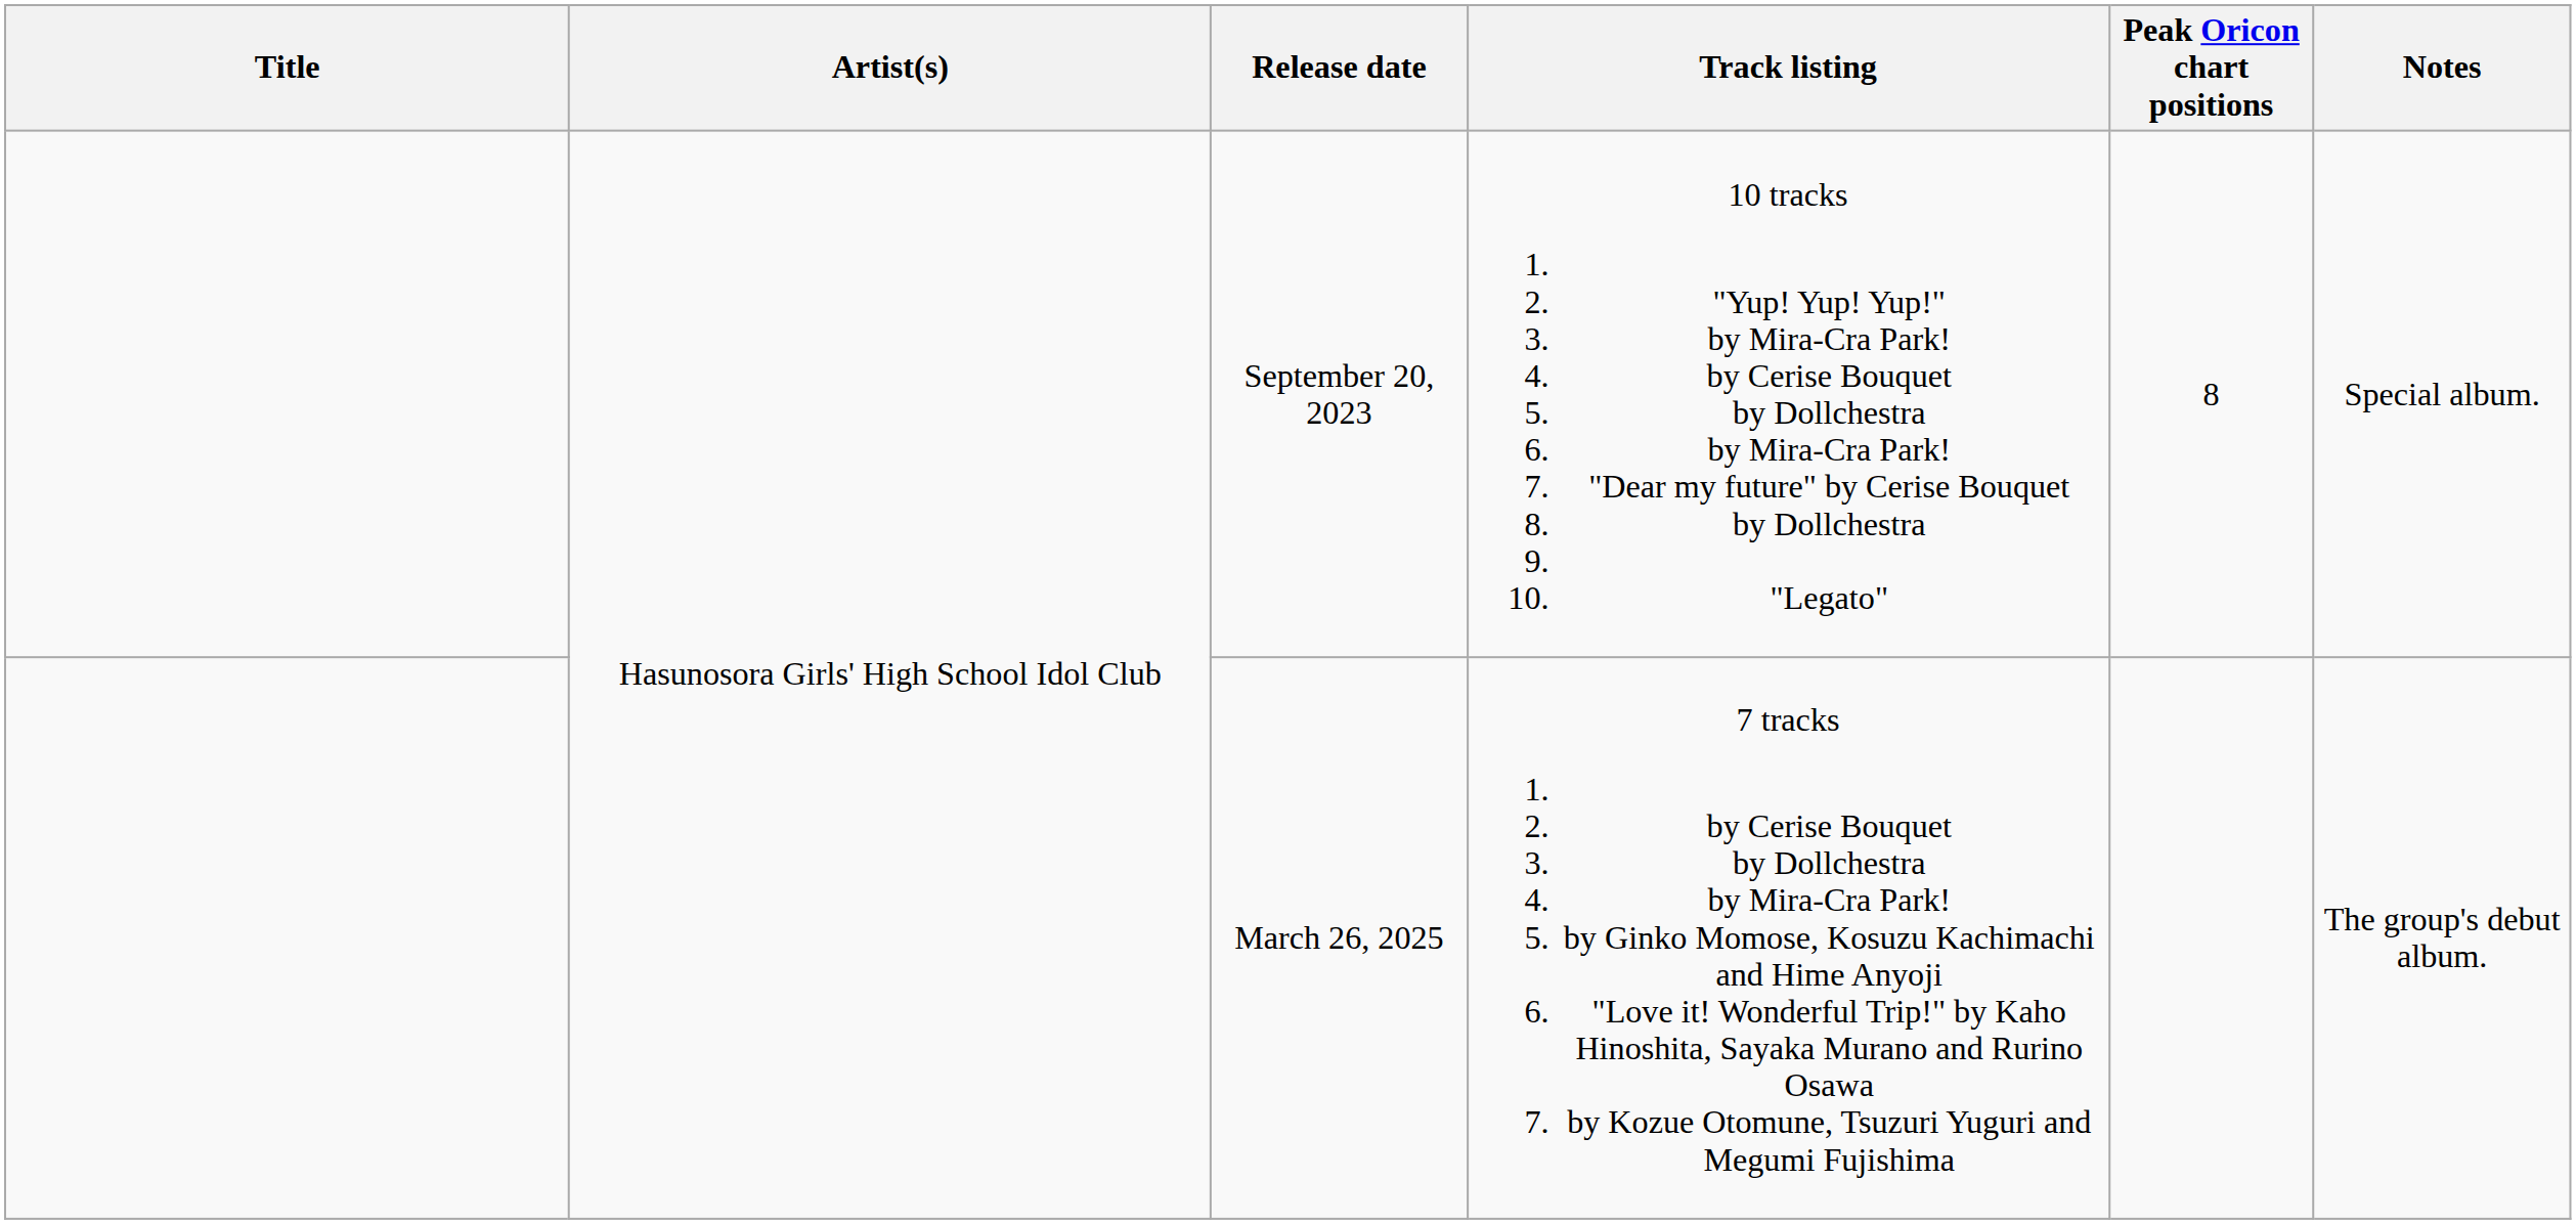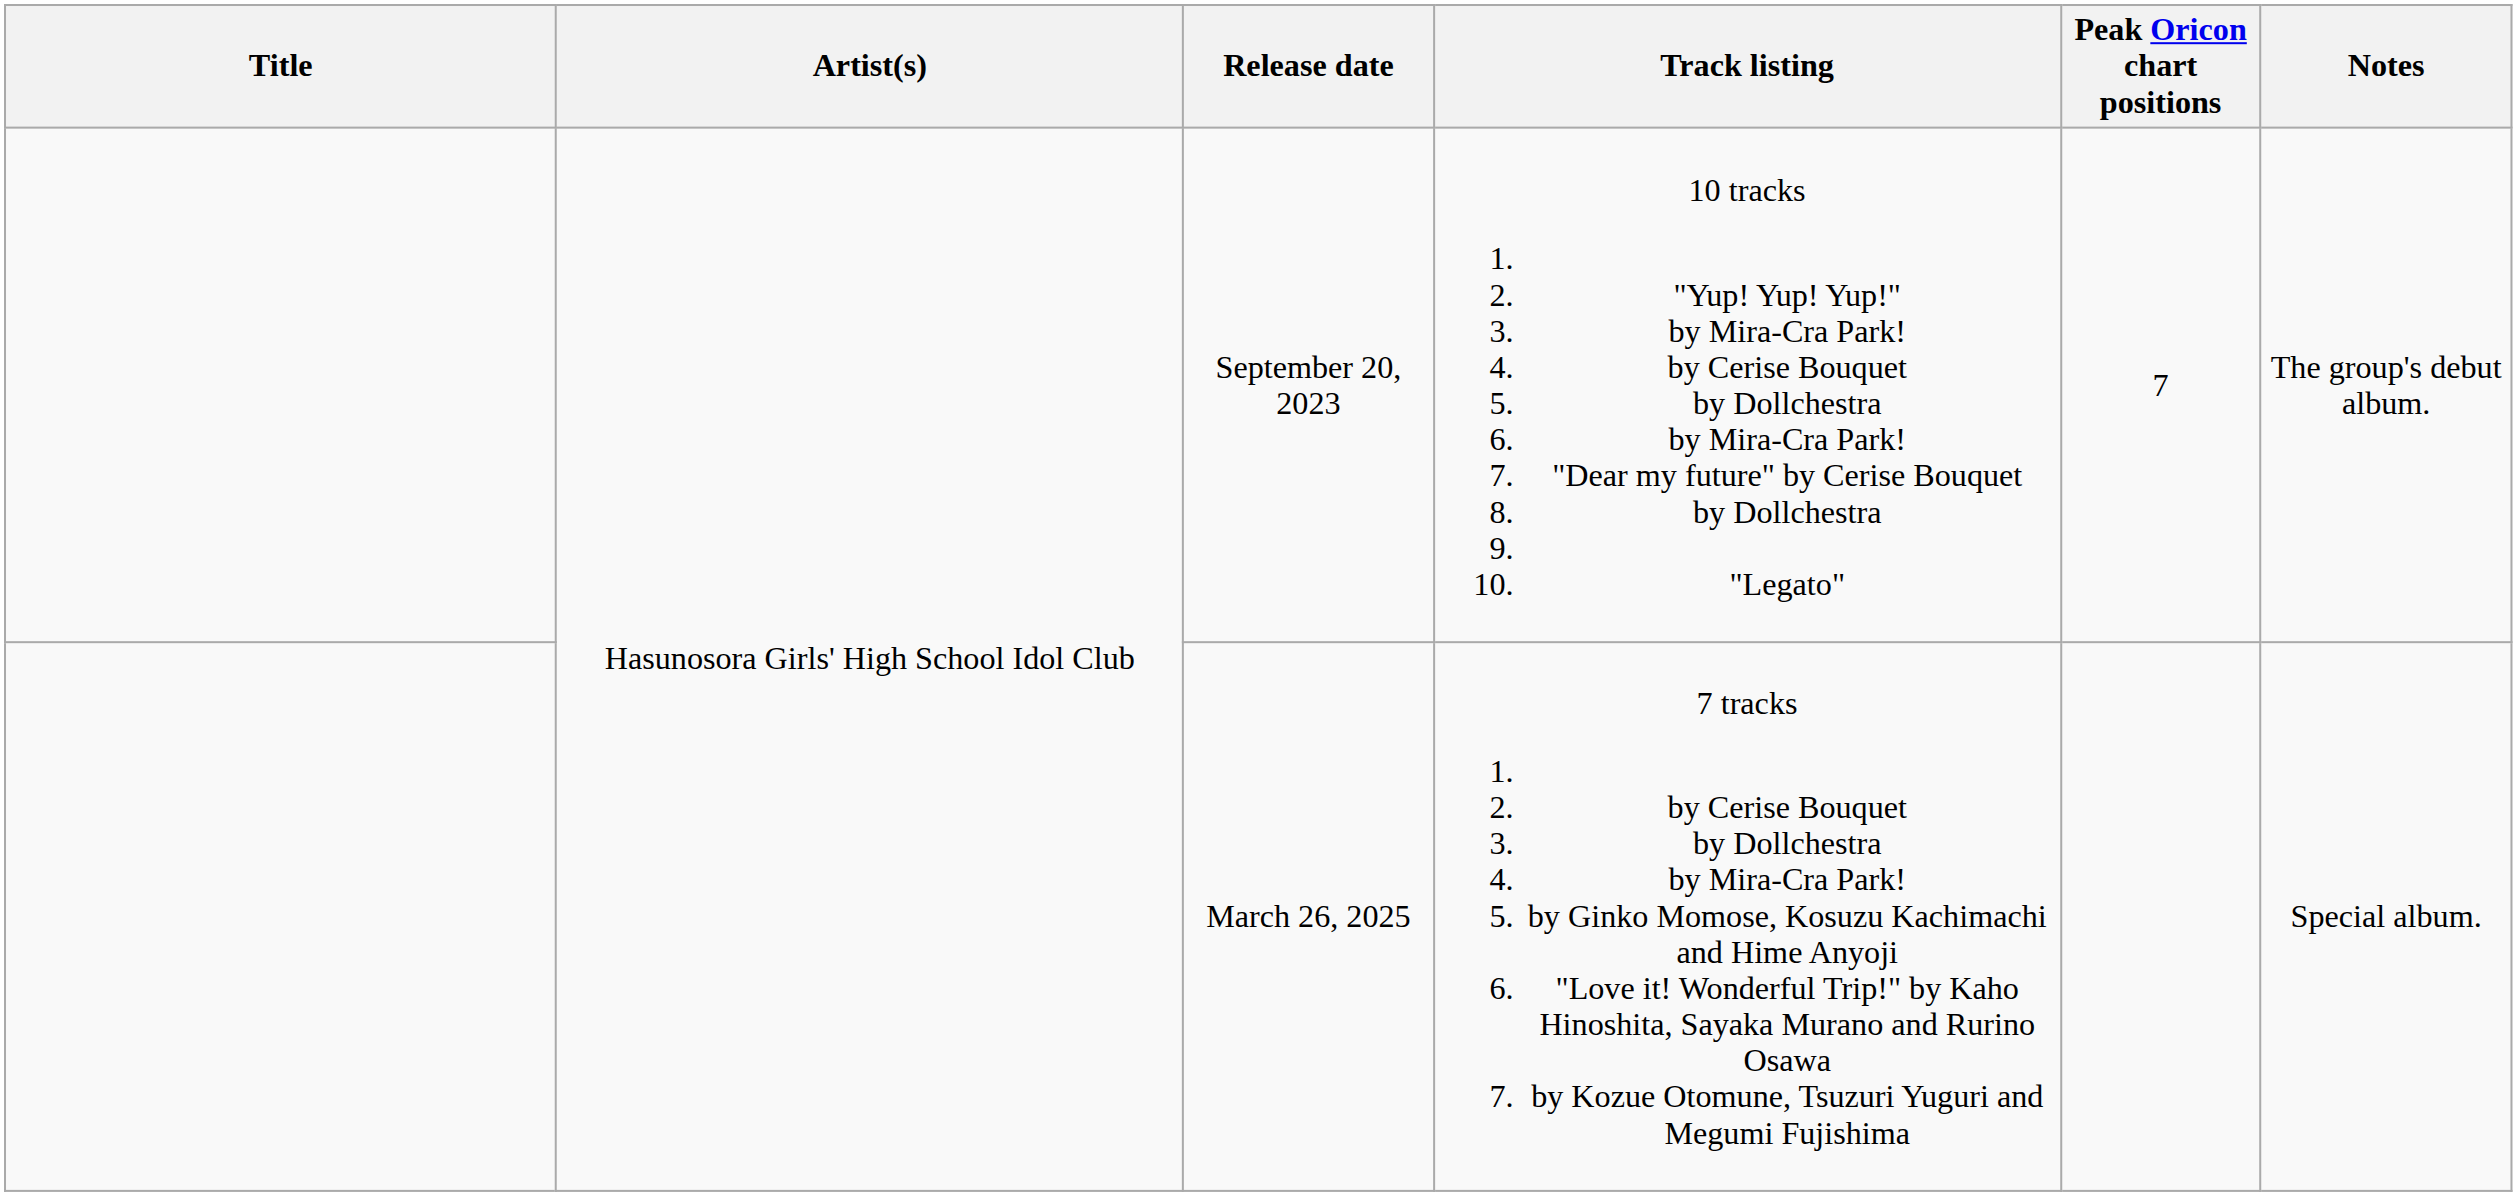 <table class="wikitable" style="text-align:center;">
 <tr>
 <th scope="col" rowspan="1">Title</th>
 <th scope="col" rowspan="1" width="25%">Artist(s)</th>
 <th scope="col" colspan="1" width="10%">Release date</th>
 <th scope="col" colspan="1" width="25%">Track listing</th>
 <th scope="col" rowspan="1" width="8%">Peak <a href='#'>Oricon</a><br>chart positions<br></th>
 <th scope="col" rowspan="1" width="10%">Notes</th>
 </tr>
 <tr>
 <td></td>
 <td rowspan="2">Hasunosora Girls' High School Idol Club</td>
 <td>September 20, 2023</td>
 <td style="width:17em"><br>10 tracks<ol><li></li><li>"Yup! Yup! Yup!"</li><li> by Mira-Cra Park!</li><li> by Cerise Bouquet</li><li> by Dollchestra</li><li> by Mira-Cra Park!</li><li>"Dear my future" by Cerise Bouquet</li><li> by Dollchestra</li><li></li><li>"Legato"</li></ol></td>
-<td>8</td>
-<td>Special album.</td>
+<td>7</td>
+<td>The group's debut album.</td>
 </tr>
 <tr>
 <td></td>
 <td>March 26, 2025</td>
 <td style="width:17em"><br>7 tracks<ol><li></li><li> by Cerise Bouquet</li><li> by Dollchestra</li><li> by Mira-Cra Park!</li><li> by Ginko Momose, Kosuzu Kachimachi and Hime Anyoji</li><li>"Love it! Wonderful Trip!" by Kaho Hinoshita, Sayaka Murano and Rurino Osawa</li><li> by Kozue Otomune, Tsuzuri Yuguri and Megumi Fujishima</li></ol></td>
 <td></td>
-<td>The group's debut album.</td>
+<td>Special album.</td>
 </tr>
 </table>
